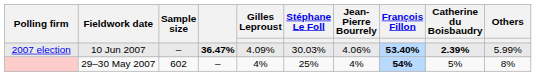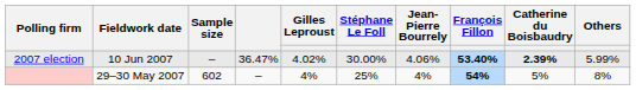 <table class="wikitable sortable" style="text-align:center;font-size:90%;line-height:14px;">
 <tr style="height:40px;">
 <th style="width:100px;" rowspan="2">Polling firm</th>
 <th style="width:110px;" rowspan="2">Fieldwork date</th>
 <th style="width:35px;" rowspan="2">Sample<br>size</th>
 <th style="width:30px;" rowspan="2"></th>
 <th class="unsortable" style="width:60px;">Gilles Leproust<br></th>
 <th class="unsortable" style="width:60px;"><a href='#'>Stéphane Le Foll</a><br></th>
 <th class="unsortable" style="width:60px;">Jean-Pierre Bourrely<br></th>
 <th class="unsortable" style="width:60px;"><a href='#'>François Fillon</a><br></th>
 <th class="unsortable" style="width:60px;">Catherine du Boisbaudry<br></th>
 <th class="unsortable" style="width:60px;">Others</th>
 </tr>
 <tr>
 <th style="background:"></th>
 <th style="background:"></th>
 <th style="background:"></th>
 <th style="background:"></th>
 <th style="background:"></th>
 <th style="background:"></th>
 </tr>
 <tr style="background:#E9E9E9;">
 <td><a href='#'>2007 election</a></td>
 <td data-sort-value="2007-06-10">10 Jun 2007</td>
 <td>–</td>
-<td><strong>36.47%</strong></td>
-<td>4.09%</td>
-<td>30.03%</td>
+<td>36.47%</td>
+<td>4.02%</td>
+<td>30.00%</td>
 <td>4.06%</td>
 <td style="background:#B9DAFF;"><strong>53.40%</strong></td>
 <td><strong>2.39%</strong></td>
 <td>5.99%</td>
 </tr>
 <tr>
 <td style="background:#FFCCCC;"></td>
 <td data-sort-value="2007-05-30">29–30 May 2007</td>
 <td>602</td>
 <td>–</td>
 <td>4%</td>
 <td>25%</td>
 <td>4%</td>
 <td style="background:#B9DAFF;"><strong>54%</strong></td>
 <td>5%</td>
 <td>8%</td>
 </tr>
 </table>
